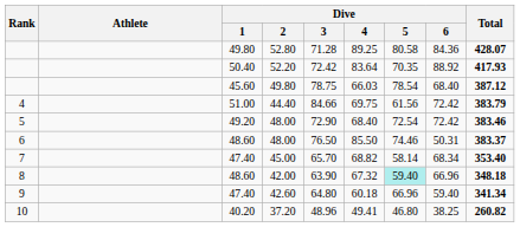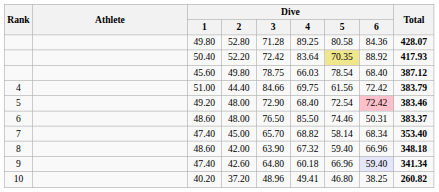 <table class="wikitable" style="text-align:center">
 <tr>
 <th rowspan="2" width="40">Rank</th>
 <th rowspan="2" width="250">Athlete</th>
 <th colspan="6">Dive</th>
 <th rowspan="2" width="60">Total</th>
 </tr>
 <tr>
 <th width="50">1</th>
 <th width="50">2</th>
 <th width="50">3</th>
 <th width="50">4</th>
 <th width="50">5</th>
 <th width="50">6</th>
 </tr>
 <tr>
 <td></td>
 <td align="left"><br></td>
 <td>49.80</td>
 <td>52.80</td>
 <td>71.28</td>
 <td>89.25</td>
 <td>80.58</td>
 <td>84.36</td>
 <td><strong>428.07</strong></td>
 </tr>
 <tr>
 <td></td>
 <td align="left"><br></td>
 <td>50.40</td>
 <td>52.20</td>
 <td>72.42</td>
 <td>83.64</td>
-<td>70.35</td>
+<td style="background: khaki;">70.35</td>
 <td>88.92</td>
 <td><strong>417.93</strong></td>
 </tr>
 <tr>
 <td></td>
 <td align="left"><br></td>
 <td>45.60</td>
 <td>49.80</td>
 <td>78.75</td>
 <td>66.03</td>
 <td>78.54</td>
 <td>68.40</td>
 <td><strong>387.12</strong></td>
 </tr>
 <tr>
 <td>4</td>
 <td align="left"><br></td>
 <td>51.00</td>
 <td>44.40</td>
 <td>84.66</td>
 <td>69.75</td>
 <td>61.56</td>
 <td>72.42</td>
 <td><strong>383.79</strong></td>
 </tr>
 <tr>
 <td>5</td>
 <td align="left"><br></td>
 <td>49.20</td>
 <td>48.00</td>
 <td>72.90</td>
 <td>68.40</td>
 <td>72.54</td>
-<td>72.42</td>
+<td style="background: pink;">72.42</td>
 <td><strong>383.46</strong></td>
 </tr>
 <tr>
 <td>6</td>
 <td align="left"><br></td>
 <td>48.60</td>
 <td>48.00</td>
 <td>76.50</td>
 <td>85.50</td>
 <td>74.46</td>
 <td>50.31</td>
 <td><strong>383.37</strong></td>
 </tr>
 <tr>
 <td>7</td>
 <td align="left"><br></td>
 <td>47.40</td>
 <td>45.00</td>
 <td>65.70</td>
 <td>68.82</td>
 <td>58.14</td>
 <td>68.34</td>
 <td><strong>353.40</strong></td>
 </tr>
 <tr>
 <td>8</td>
 <td align="left"><br></td>
 <td>48.60</td>
 <td>42.00</td>
 <td>63.90</td>
 <td>67.32</td>
-<td style="background: paleturquoise;">59.40</td>
+<td>59.40</td>
 <td>66.96</td>
 <td><strong>348.18</strong></td>
 </tr>
 <tr>
 <td>9</td>
 <td align="left"><br></td>
 <td>47.40</td>
 <td>42.60</td>
 <td>64.80</td>
 <td>60.18</td>
 <td>66.96</td>
-<td>59.40</td>
+<td style="background: lavender;">59.40</td>
 <td><strong>341.34</strong></td>
 </tr>
 <tr>
 <td>10</td>
 <td align="left"><br></td>
 <td>40.20</td>
 <td>37.20</td>
 <td>48.96</td>
 <td>49.41</td>
 <td>46.80</td>
 <td>38.25</td>
 <td><strong>260.82</strong></td>
 </tr>
 </table>
